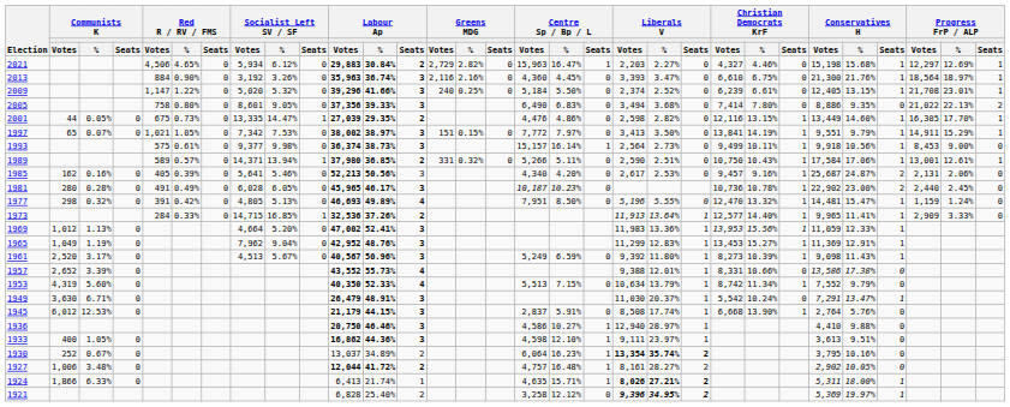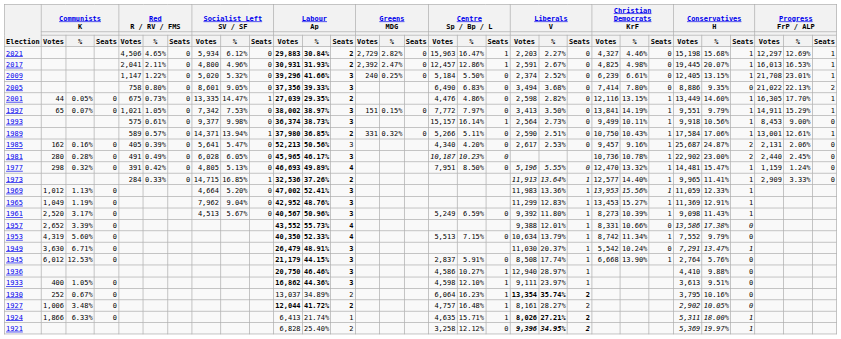 <table class="wikitable" border="1" style="font-size:80%; text-align:right;">
 <tr>
 <th style="text-align:left;" valign=bottom rowspan=3>Election</th>
 <th valign=bottom colspan=3><a href='#'>Communists</a><br>K</th>
 <th valign=bottom colspan=3><a href='#'>Red</a><br>R / RV / FMS</th>
 <th valign=bottom colspan=3><a href='#'>Socialist Left</a><br>SV / SF</th>
 <th valign=bottom colspan=3><a href='#'>Labour</a><br>Ap</th>
 <th valign=bottom colspan=3><a href='#'>Greens</a><br>MDG</th>
 <th valign=bottom colspan=3><a href='#'>Centre</a><br>Sp / Bp / L</th>
 <th valign=bottom colspan=3><a href='#'>Liberals</a><br>V</th>
 <th valign=bottom colspan=3><a href='#'>Christian<br>Democrats</a><br>KrF</th>
 <th valign=bottom colspan=3><a href='#'>Conservatives</a><br>H</th>
 <th valign=bottom colspan=3><a href='#'>Progress</a><br>FrP / ALP</th>
 </tr>
 <tr>
 <th colspan=3 style="background:"></th>
 <th colspan=3 style="background:"></th>
 <th colspan=3 style="background:"></th>
 <th colspan=3 style="background:"></th>
 <th colspan=3 style="background:"></th>
 <th colspan=3 style="background:"></th>
 <th colspan=3 style="background:"></th>
 <th colspan=3 style="background:"></th>
 <th colspan=3 style="background:"></th>
 <th colspan=3 style="background:"></th>
 </tr>
 <tr>
 <th>Votes</th>
 <th>%</th>
 <th>Seats</th>
 <th>Votes</th>
 <th>%</th>
 <th>Seats</th>
 <th>Votes</th>
 <th>%</th>
 <th>Seats</th>
 <th>Votes</th>
 <th>%</th>
 <th>Seats</th>
 <th>Votes</th>
 <th>%</th>
 <th>Seats</th>
 <th>Votes</th>
 <th>%</th>
 <th>Seats</th>
 <th>Votes</th>
 <th>%</th>
 <th>Seats</th>
 <th>Votes</th>
 <th>%</th>
 <th>Seats</th>
 <th>Votes</th>
 <th>%</th>
 <th>Seats</th>
 <th>Votes</th>
 <th>%</th>
 <th>Seats</th>
 </tr>
 <tr>
 <td align=left><a href='#'>2021</a></td>
 <td></td>
 <td></td>
 <td></td>
 <td>4,506</td>
 <td>4.65%</td>
 <td>0</td>
 <td>5,934</td>
 <td>6.12%</td>
 <td>0</td>
 <td><strong>29,883</strong></td>
 <td><strong>30.84%</strong></td>
 <td><strong>2</strong></td>
 <td>2,729</td>
 <td>2.82%</td>
 <td>0</td>
 <td>15,963</td>
 <td>16.47%</td>
 <td>1</td>
 <td>2,203</td>
 <td>2.27%</td>
 <td>0</td>
 <td>4,327</td>
 <td>4.46%</td>
 <td>0</td>
 <td>15,198</td>
 <td>15.68%</td>
 <td>1</td>
 <td>12,297</td>
 <td>12.69%</td>
 <td>1</td>
 </tr>
 <tr>
-<td align=left><a href='#'>2013</a></td>
+<td align=left><a href='#'>2017</a></td>
 <td></td>
 <td></td>
 <td></td>
-<td>884</td>
-<td>0.90%</td>
+<td>2,041</td>
+<td>2.11%</td>
 <td>0</td>
-<td>3,192</td>
-<td>3.26%</td>
+<td>4,800</td>
+<td>4.96%</td>
 <td>0</td>
-<td><strong>35,963</strong></td>
-<td><strong>36.74%</strong></td>
-<td><strong>3</strong></td>
-<td>2,116</td>
-<td>2.16%</td>
+<td><strong>30,931</strong></td>
+<td><strong>31.93%</strong></td>
+<td><strong>2</strong></td>
+<td>2,392</td>
+<td>2.47%</td>
 <td>0</td>
-<td>4,360</td>
-<td>4.45%</td>
+<td>12,457</td>
+<td>12.86%</td>
+<td>1</td>
+<td>2,591</td>
+<td>2.67%</td>
 <td>0</td>
-<td>3,393</td>
-<td>3.47%</td>
+<td>4,825</td>
+<td>4.98%</td>
 <td>0</td>
-<td>6,610</td>
-<td>6.75%</td>
-<td>0</td>
-<td>21,300</td>
-<td>21.76%</td>
+<td>19,445</td>
+<td>20.07%</td>
 <td>1</td>
-<td>18,564</td>
-<td>18.97%</td>
+<td>16,013</td>
+<td>16.53%</td>
 <td>1</td>
 </tr>
 <tr>
 <td align=left><a href='#'>2009</a></td>
 <td></td>
 <td></td>
 <td></td>
 <td>1,147</td>
 <td>1.22%</td>
 <td>0</td>
 <td>5,020</td>
 <td>5.32%</td>
 <td>0</td>
 <td><strong>39,296</strong></td>
 <td><strong>41.66%</strong></td>
 <td><strong>3</strong></td>
 <td>240</td>
 <td>0.25%</td>
 <td>0</td>
 <td>5,184</td>
 <td>5.50%</td>
 <td>0</td>
 <td>2,374</td>
 <td>2.52%</td>
 <td>0</td>
 <td>6,239</td>
 <td>6.61%</td>
 <td>0</td>
 <td>12,405</td>
 <td>13.15%</td>
 <td>1</td>
 <td>21,708</td>
 <td>23.01%</td>
 <td>1</td>
 </tr>
 <tr>
 <td align=left><a href='#'>2005</a></td>
 <td></td>
 <td></td>
 <td></td>
 <td>758</td>
 <td>0.80%</td>
 <td>0</td>
 <td>8,601</td>
 <td>9.05%</td>
 <td>0</td>
 <td><strong>37,356</strong></td>
 <td><strong>39.33%</strong></td>
 <td><strong>3</strong></td>
 <td></td>
 <td></td>
 <td></td>
 <td>6,490</td>
 <td>6.83%</td>
 <td>0</td>
 <td>3,494</td>
 <td>3.68%</td>
 <td>0</td>
 <td>7,414</td>
 <td>7.80%</td>
 <td>0</td>
 <td>8,886</td>
 <td>9.35%</td>
 <td>0</td>
 <td>21,022</td>
 <td>22.13%</td>
 <td>2</td>
 </tr>
 <tr>
 <td align=left><a href='#'>2001</a></td>
 <td>44</td>
 <td>0.05%</td>
 <td>0</td>
 <td>675</td>
 <td>0.73%</td>
 <td>0</td>
 <td>13,335</td>
 <td>14.47%</td>
 <td>1</td>
 <td><strong>27,039</strong></td>
 <td><strong>29.35%</strong></td>
 <td><strong>2</strong></td>
 <td></td>
 <td></td>
 <td></td>
 <td>4,476</td>
 <td>4.86%</td>
 <td>0</td>
 <td>2,598</td>
 <td>2.82%</td>
 <td>0</td>
 <td>12,116</td>
 <td>13.15%</td>
 <td>1</td>
 <td>13,449</td>
 <td>14.60%</td>
 <td>1</td>
 <td>16,305</td>
 <td>17.70%</td>
 <td>1</td>
 </tr>
 <tr>
 <td align=left><a href='#'>1997</a></td>
 <td>65</td>
 <td>0.07%</td>
 <td>0</td>
 <td>1,021</td>
 <td>1.05%</td>
 <td>0</td>
 <td>7,342</td>
 <td>7.53%</td>
 <td>0</td>
 <td><strong>38,002</strong></td>
 <td><strong>38.97%</strong></td>
 <td><strong>3</strong></td>
 <td>151</td>
 <td>0.15%</td>
 <td>0</td>
 <td>7,772</td>
 <td>7.97%</td>
 <td>0</td>
 <td>3,413</td>
 <td>3.50%</td>
 <td>0</td>
 <td>13,841</td>
 <td>14.19%</td>
 <td>1</td>
 <td>9,551</td>
 <td>9.79%</td>
 <td>1</td>
 <td>14,911</td>
 <td>15.29%</td>
 <td>1</td>
 </tr>
 <tr>
 <td align=left><a href='#'>1993</a></td>
 <td></td>
 <td></td>
 <td></td>
 <td>575</td>
 <td>0.61%</td>
 <td>0</td>
 <td>9,377</td>
 <td>9.98%</td>
 <td>0</td>
 <td><strong>36,374</strong></td>
 <td><strong>38.73%</strong></td>
 <td><strong>3</strong></td>
 <td></td>
 <td></td>
 <td></td>
 <td>15,157</td>
 <td>16.14%</td>
 <td>1</td>
 <td>2,564</td>
 <td>2.73%</td>
 <td>0</td>
 <td>9,499</td>
 <td>10.11%</td>
 <td>1</td>
 <td>9,918</td>
 <td>10.56%</td>
 <td>1</td>
 <td>8,453</td>
 <td>9.00%</td>
 <td>0</td>
 </tr>
 <tr>
 <td align=left><a href='#'>1989</a></td>
 <td></td>
 <td></td>
 <td></td>
 <td>589</td>
 <td>0.57%</td>
 <td>0</td>
 <td>14,371</td>
 <td>13.94%</td>
 <td>1</td>
 <td><strong>37,980</strong></td>
 <td><strong>36.85%</strong></td>
 <td><strong>2</strong></td>
 <td>331</td>
 <td>0.32%</td>
 <td>0</td>
 <td>5,266</td>
 <td>5.11%</td>
 <td>0</td>
 <td>2,590</td>
 <td>2.51%</td>
 <td>0</td>
 <td>10,750</td>
 <td>10.43%</td>
 <td>1</td>
 <td>17,584</td>
 <td>17.06%</td>
 <td>1</td>
 <td>13,001</td>
 <td>12.61%</td>
 <td>1</td>
 </tr>
 <tr>
 <td align=left><a href='#'>1985</a></td>
 <td>162</td>
 <td>0.16%</td>
 <td>0</td>
 <td>405</td>
 <td>0.39%</td>
 <td>0</td>
 <td>5,641</td>
-<td>5.46%</td>
+<td>5.47%</td>
 <td>0</td>
 <td><strong>52,213</strong></td>
 <td><strong>50.56%</strong></td>
 <td>3</td>
 <td></td>
 <td></td>
 <td></td>
 <td>4,340</td>
 <td>4.20%</td>
 <td>0</td>
 <td>2,617</td>
 <td>2.53%</td>
 <td>0</td>
 <td>9,457</td>
 <td>9.16%</td>
 <td>1</td>
 <td>25,687</td>
 <td>24.87%</td>
 <td>2</td>
 <td>2,131</td>
 <td>2.06%</td>
 <td>0</td>
 </tr>
 <tr>
 <td align=left><a href='#'>1981</a></td>
 <td>280</td>
 <td>0.28%</td>
 <td>0</td>
 <td>491</td>
 <td>0.49%</td>
 <td>0</td>
 <td>6,028</td>
 <td>6.05%</td>
 <td>0</td>
 <td><strong>45,965</strong></td>
 <td><strong>46.17%</strong></td>
 <td><strong>3</strong></td>
 <td></td>
 <td></td>
 <td></td>
 <td><em>10,187</em></td>
 <td><em>10.23%</em></td>
 <td><em>0</em></td>
 <td></td>
 <td></td>
 <td></td>
 <td>10,736</td>
 <td>10.78%</td>
 <td>1</td>
 <td>22,902</td>
 <td>23.00%</td>
 <td>2</td>
 <td>2,440</td>
 <td>2.45%</td>
 <td>0</td>
 </tr>
 <tr>
 <td align=left><a href='#'>1977</a></td>
 <td>298</td>
 <td>0.32%</td>
 <td>0</td>
 <td>391</td>
 <td>0.42%</td>
 <td>0</td>
 <td>4,805</td>
 <td>5.13%</td>
 <td>0</td>
 <td><strong>46,693</strong></td>
 <td><strong>49.89%</strong></td>
 <td><strong>4</strong></td>
 <td></td>
 <td></td>
 <td></td>
 <td>7,951</td>
 <td>8.50%</td>
 <td>0</td>
 <td><em>5,196</em></td>
 <td><em>5.55%</em></td>
 <td><em>0</em></td>
 <td>12,470</td>
 <td>13.32%</td>
 <td>1</td>
 <td>14,481</td>
 <td>15.47%</td>
 <td>1</td>
 <td>1,159</td>
 <td>1.24%</td>
 <td>0</td>
 </tr>
 <tr>
 <td align=left><a href='#'>1973</a></td>
 <td></td>
 <td></td>
 <td></td>
 <td>284</td>
 <td>0.33%</td>
 <td>0</td>
 <td>14,715</td>
 <td>16.85%</td>
 <td>1</td>
 <td><strong>32,536</strong></td>
 <td><strong>37.26%</strong></td>
 <td><strong>2</strong></td>
 <td></td>
 <td></td>
 <td></td>
 <td></td>
 <td></td>
 <td></td>
 <td><em>11,913</em></td>
 <td><em>13.64%</em></td>
 <td><em>1</em></td>
 <td>12,577</td>
 <td>14.40%</td>
 <td>1</td>
 <td>9,965</td>
 <td>11.41%</td>
 <td>1</td>
 <td>2,909</td>
 <td>3.33%</td>
 <td>0</td>
 </tr>
 <tr>
 <td align=left><a href='#'>1969</a></td>
 <td>1,012</td>
 <td>1.13%</td>
 <td>0</td>
 <td></td>
 <td></td>
 <td></td>
 <td>4,664</td>
 <td>5.20%</td>
 <td>0</td>
 <td><strong>47,002</strong></td>
 <td><strong>52.41%</strong></td>
 <td><strong>3</strong></td>
 <td></td>
 <td></td>
 <td></td>
 <td></td>
 <td></td>
 <td></td>
 <td>11,983</td>
 <td>13.36%</td>
 <td>1</td>
 <td><em>13,953</em></td>
 <td><em>15.56%</em></td>
 <td><em>1</em></td>
 <td>11,059</td>
 <td>12.33%</td>
 <td>1</td>
 <td></td>
 <td></td>
 <td></td>
 </tr>
 <tr>
 <td align=left><a href='#'>1965</a></td>
 <td>1,049</td>
 <td>1.19%</td>
 <td>0</td>
 <td></td>
 <td></td>
 <td></td>
 <td>7,962</td>
 <td>9.04%</td>
 <td>0</td>
 <td><strong>42,952</strong></td>
 <td><strong>48.76%</strong></td>
 <td><strong>3</strong></td>
 <td></td>
 <td></td>
 <td></td>
 <td></td>
 <td></td>
 <td></td>
 <td>11,299</td>
 <td>12.83%</td>
 <td>1</td>
 <td>13,453</td>
 <td>15.27%</td>
 <td>1</td>
 <td>11,369</td>
 <td>12.91%</td>
 <td>1</td>
 <td></td>
 <td></td>
 <td></td>
 </tr>
 <tr>
 <td align=left><a href='#'>1961</a></td>
 <td>2,520</td>
 <td>3.17%</td>
 <td>0</td>
 <td></td>
 <td></td>
 <td></td>
 <td>4,513</td>
 <td>5.67%</td>
 <td>0</td>
 <td><strong>40,567</strong></td>
 <td><strong>50.96%</strong></td>
 <td><strong>3</strong></td>
 <td></td>
 <td></td>
 <td></td>
 <td>5,249</td>
 <td>6.59%</td>
 <td>0</td>
 <td>9,392</td>
 <td>11.80%</td>
 <td>1</td>
 <td>8,273</td>
 <td>10.39%</td>
 <td>1</td>
 <td>9,098</td>
 <td>11.43%</td>
 <td>1</td>
 <td></td>
 <td></td>
 <td></td>
 </tr>
 <tr>
 <td align=left><a href='#'>1957</a></td>
 <td>2,652</td>
 <td>3.39%</td>
 <td>0</td>
 <td></td>
 <td></td>
 <td></td>
 <td></td>
 <td></td>
 <td></td>
 <td><strong>43,552</strong></td>
 <td><strong>55.73%</strong></td>
 <td><strong>4</strong></td>
 <td></td>
 <td></td>
 <td></td>
 <td></td>
 <td></td>
 <td></td>
 <td>9,388</td>
 <td>12.01%</td>
 <td>1</td>
 <td>8,331</td>
 <td>10.66%</td>
 <td>0</td>
 <td><em>13,586</em></td>
 <td><em>17.38%</em></td>
 <td><em>0</em></td>
 <td></td>
 <td></td>
 <td></td>
 </tr>
 <tr>
 <td align=left><a href='#'>1953</a></td>
 <td>4,319</td>
 <td>5.60%</td>
 <td>0</td>
 <td></td>
 <td></td>
 <td></td>
 <td></td>
 <td></td>
 <td></td>
 <td><strong>40,350</strong></td>
 <td><strong>52.33%</strong></td>
 <td><strong>4</strong></td>
 <td></td>
 <td></td>
 <td></td>
 <td>5,513</td>
 <td>7.15%</td>
 <td>0</td>
 <td>10,634</td>
 <td>13.79%</td>
 <td>1</td>
 <td>8,742</td>
 <td>11.34%</td>
 <td>1</td>
 <td>7,552</td>
 <td>9.79%</td>
 <td>0</td>
 <td></td>
 <td></td>
 <td></td>
 </tr>
 <tr>
 <td align=left><a href='#'>1949</a></td>
 <td>3,630</td>
 <td>6.71%</td>
 <td>0</td>
 <td></td>
 <td></td>
 <td></td>
 <td></td>
 <td></td>
 <td></td>
 <td><strong>26,479</strong></td>
 <td><strong>48.91%</strong></td>
 <td><strong>3</strong></td>
 <td></td>
 <td></td>
 <td></td>
 <td></td>
 <td></td>
 <td></td>
 <td>11,030</td>
 <td>20.37%</td>
 <td>1</td>
 <td>5,542</td>
 <td>10.24%</td>
 <td>0</td>
 <td><em>7,291</em></td>
 <td><em>13.47%</em></td>
 <td><em>1</em></td>
 <td></td>
 <td></td>
 <td></td>
 </tr>
 <tr>
 <td align=left><a href='#'>1945</a></td>
 <td>6,012</td>
 <td>12.53%</td>
 <td>0</td>
 <td></td>
 <td></td>
 <td></td>
 <td></td>
 <td></td>
 <td></td>
 <td><strong>21,179</strong></td>
 <td><strong>44.15%</strong></td>
 <td><strong>3</strong></td>
 <td></td>
 <td></td>
 <td></td>
 <td>2,837</td>
 <td>5.91%</td>
 <td>0</td>
 <td>8,508</td>
 <td>17.74%</td>
 <td>1</td>
 <td>6,668</td>
 <td>13.90%</td>
 <td>1</td>
 <td>2,764</td>
 <td>5.76%</td>
 <td>0</td>
 <td></td>
 <td></td>
 <td></td>
 </tr>
 <tr>
 <td align=left><a href='#'>1936</a></td>
 <td></td>
 <td></td>
 <td></td>
 <td></td>
 <td></td>
 <td></td>
 <td></td>
 <td></td>
 <td></td>
 <td><strong>20,750</strong></td>
 <td><strong>46.46%</strong></td>
 <td><strong>3</strong></td>
 <td></td>
 <td></td>
 <td></td>
 <td>4,586</td>
 <td>10.27%</td>
 <td>1</td>
 <td>12,940</td>
 <td>28.97%</td>
 <td>1</td>
 <td></td>
 <td></td>
 <td></td>
 <td>4,410</td>
 <td>9.88%</td>
 <td>0</td>
 <td></td>
 <td></td>
 <td></td>
 </tr>
 <tr>
 <td align=left><a href='#'>1933</a></td>
 <td>400</td>
 <td>1.05%</td>
 <td>0</td>
 <td></td>
 <td></td>
 <td></td>
 <td></td>
 <td></td>
 <td></td>
 <td><strong>16,862</strong></td>
 <td><strong>44.36%</strong></td>
 <td><strong>3</strong></td>
 <td></td>
 <td></td>
 <td></td>
 <td>4,598</td>
 <td>12.10%</td>
 <td>1</td>
 <td>9,111</td>
 <td>23.97%</td>
 <td>1</td>
 <td></td>
 <td></td>
 <td></td>
 <td>3,613</td>
 <td>9.51%</td>
 <td>0</td>
 <td></td>
 <td></td>
 <td></td>
 </tr>
 <tr>
 <td align=left><a href='#'>1930</a></td>
 <td>252</td>
 <td>0.67%</td>
 <td>0</td>
 <td></td>
 <td></td>
 <td></td>
 <td></td>
 <td></td>
 <td></td>
 <td>13,037</td>
 <td>34.89%</td>
 <td>2</td>
 <td></td>
 <td></td>
 <td></td>
 <td>6,064</td>
 <td>16.23%</td>
 <td>1</td>
 <td><strong>13,354</strong></td>
 <td><strong>35.74%</strong></td>
 <td><strong>2</strong></td>
 <td></td>
 <td></td>
 <td></td>
 <td>3,795</td>
 <td>10.16%</td>
 <td>0</td>
 <td></td>
 <td></td>
 <td></td>
 </tr>
 <tr>
 <td align=left><a href='#'>1927</a></td>
 <td>1,006</td>
 <td>3.48%</td>
 <td>0</td>
 <td></td>
 <td></td>
 <td></td>
 <td></td>
 <td></td>
 <td></td>
 <td><strong>12,044</strong></td>
 <td><strong>41.72%</strong></td>
 <td><strong>2</strong></td>
 <td></td>
 <td></td>
 <td></td>
 <td>4,757</td>
 <td>16.48%</td>
 <td>1</td>
 <td>8,161</td>
 <td>28.27%</td>
 <td>2</td>
 <td></td>
 <td></td>
 <td></td>
 <td><em>2,902</em></td>
 <td><em>10.05%</em></td>
 <td><em>0</em></td>
 <td></td>
 <td></td>
 <td></td>
 </tr>
 <tr>
 <td align=left><a href='#'>1924</a></td>
 <td>1,866</td>
 <td>6.33%</td>
 <td>0</td>
 <td></td>
 <td></td>
 <td></td>
 <td></td>
 <td></td>
 <td></td>
 <td>6,413</td>
 <td>21.74%</td>
 <td>1</td>
 <td></td>
 <td></td>
 <td></td>
 <td>4,635</td>
 <td>15.71%</td>
 <td>1</td>
 <td><strong>8,026</strong></td>
 <td><strong>27.21%</strong></td>
 <td><strong>2</strong></td>
 <td></td>
 <td></td>
 <td></td>
 <td><em>5,311</em></td>
 <td><em>18.00%</em></td>
 <td><em>1</em></td>
 <td></td>
 <td></td>
 <td></td>
 </tr>
 <tr>
 <td align=left><a href='#'>1921</a></td>
 <td></td>
 <td></td>
 <td></td>
 <td></td>
 <td></td>
 <td></td>
 <td></td>
 <td></td>
 <td></td>
 <td>6,828</td>
 <td>25.40%</td>
 <td>2</td>
 <td></td>
 <td></td>
 <td></td>
 <td>3,258</td>
 <td>12.12%</td>
 <td>0</td>
 <td><strong><em>9,396</em></strong></td>
 <td><strong><em>34.95%</em></strong></td>
 <td><strong><em>2</em></strong></td>
 <td></td>
 <td></td>
 <td></td>
 <td><em>5,369</em></td>
 <td><em>19.97%</em></td>
 <td><em>1</em></td>
 <td></td>
 <td></td>
 <td></td>
 </tr>
 </table>
